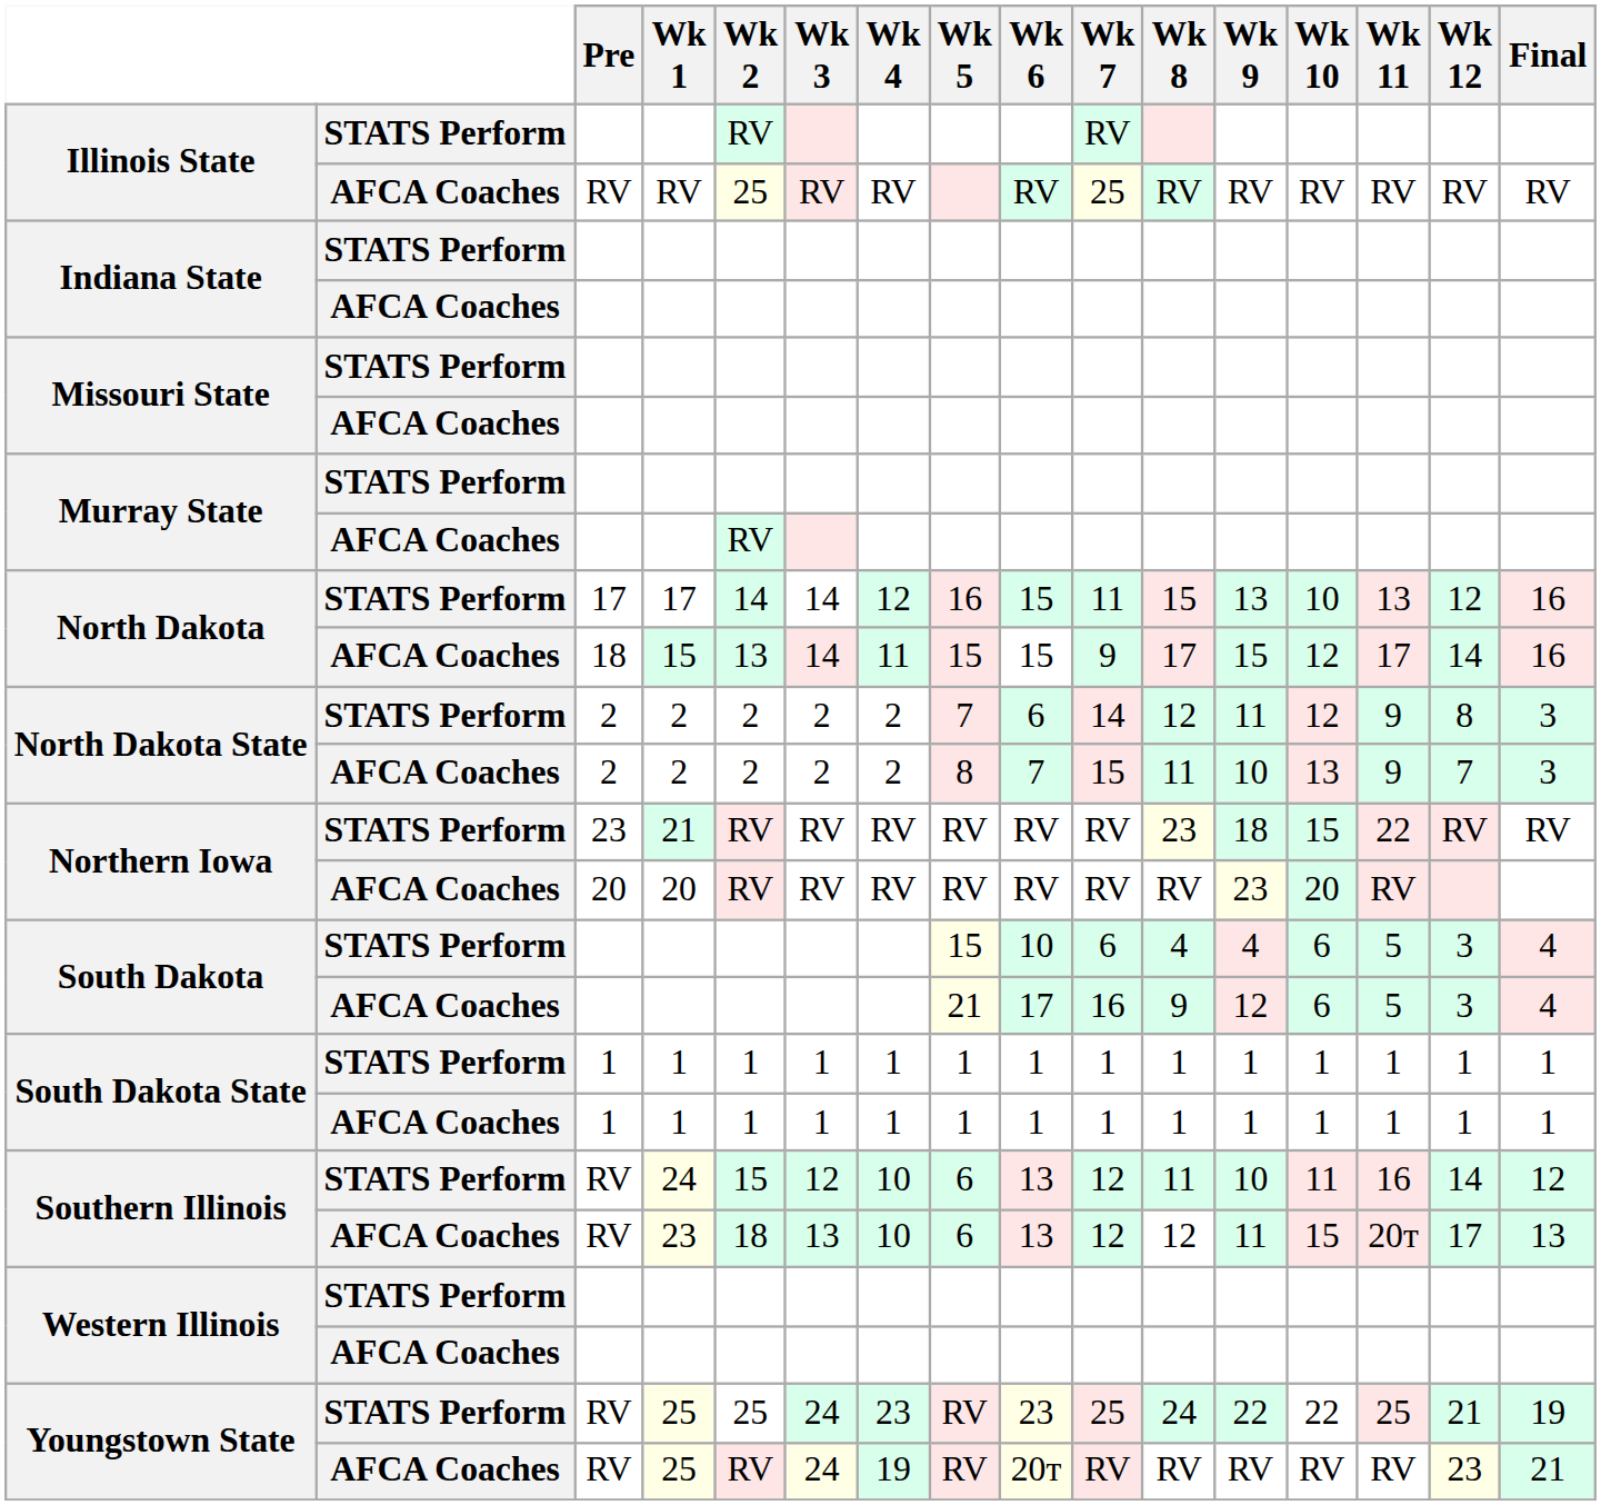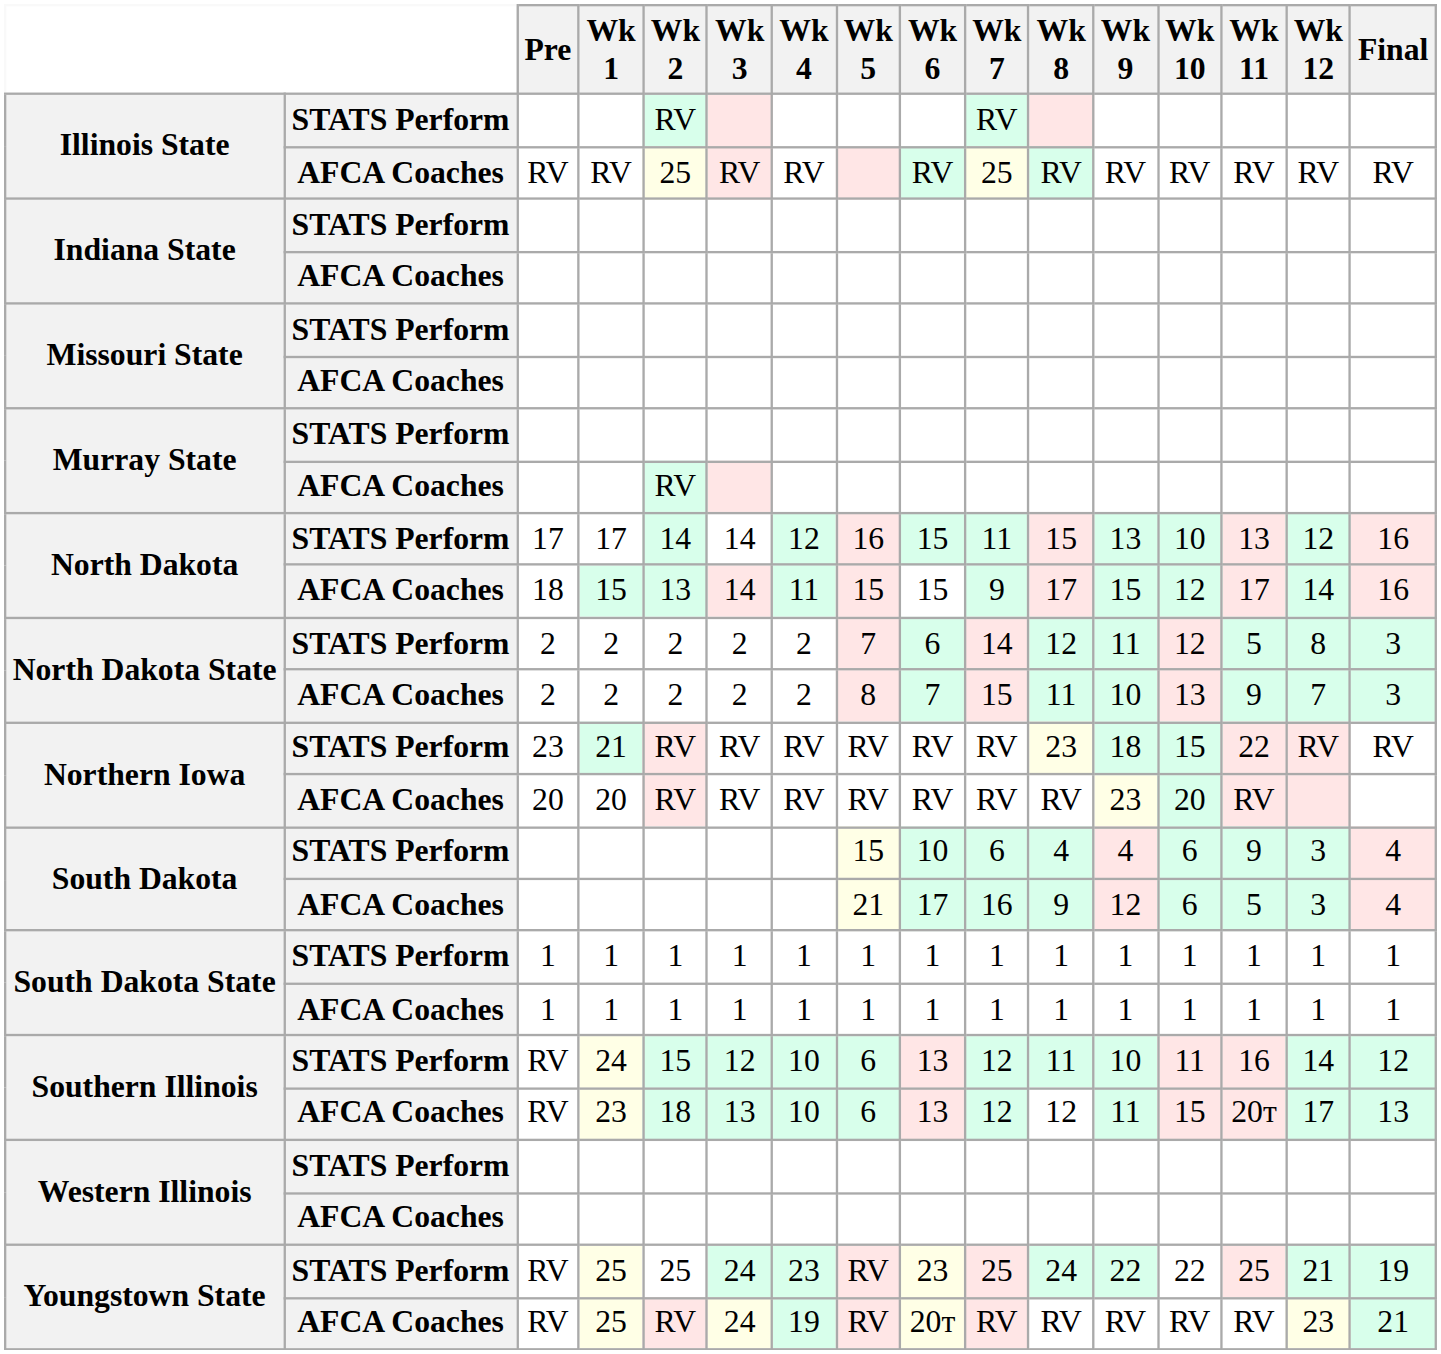 <table class="wikitable" style="white-space:nowrap;font-size:85%;">
 <tr>
 <th colspan=2 style="background:white; border-top-style:hidden; border-left-style:hidden;"> </th>
 <th>Pre</th>
 <th>Wk<br>1</th>
 <th>Wk<br>2</th>
 <th>Wk<br>3</th>
 <th>Wk<br>4</th>
 <th>Wk<br>5</th>
 <th>Wk<br>6</th>
 <th>Wk<br>7</th>
 <th>Wk<br>8</th>
 <th>Wk<br>9</th>
 <th>Wk<br>10</th>
 <th>Wk<br>11</th>
 <th>Wk<br>12</th>
 <th>Final</th>
 </tr>
 <tr style="text-align:center;">
 <th rowspan="2">Illinois State</th>
 <th>STATS Perform</th>
 <td style="background:#FFF;"></td>
 <td style="background:#FFF;"></td>
 <td style="background:#d8ffeb;">RV</td>
 <td style="background:#ffe6e6;"></td>
 <td style="background:#FFF;"></td>
 <td style="background:#FFF;"></td>
 <td style="background:#FFF;"></td>
 <td style="background:#d8ffeb;">RV</td>
 <td style="background:#ffe6e6;"></td>
 <td style="background:#FFF;"></td>
 <td style="background:#FFF;"></td>
 <td style="background:#FFF;"></td>
 <td style="background:#FFF;"></td>
 <td style="background:#FFF;"></td>
 </tr>
 <tr style="text-align:center;">
 <th>AFCA Coaches</th>
 <td style="background:#FFF;">RV</td>
 <td style="background:#FFF;">RV</td>
 <td style="background:#ffffe6;">25</td>
 <td style="background:#ffe6e6;">RV</td>
 <td style="background:#FFF;">RV</td>
 <td style="background:#ffe6e6;"></td>
 <td style="background:#d8ffeb;">RV</td>
 <td style="background:#ffffe6;">25</td>
 <td style="background:#d8ffeb;">RV</td>
 <td style="background:#FFF;">RV</td>
 <td style="background:#FFF;">RV</td>
 <td style="background:#FFF;">RV</td>
 <td style="background:#FFF;">RV</td>
 <td style="background:#FFF;">RV</td>
 </tr>
 <tr style="text-align:center;">
 <th rowspan="2">Indiana State</th>
 <th>STATS Perform</th>
 <td style="background:#FFF;"></td>
 <td style="background:#FFF;"></td>
 <td style="background:#FFF;"></td>
 <td style="background:#FFF;"></td>
 <td style="background:#FFF;"></td>
 <td style="background:#FFF;"></td>
 <td style="background:#FFF;"></td>
 <td style="background:#FFF;"></td>
 <td style="background:#FFF;"></td>
 <td style="background:#FFF;"></td>
 <td style="background:#FFF;"></td>
 <td style="background:#FFF;"></td>
 <td style="background:#FFF;"></td>
 <td style="background:#FFF;"></td>
 </tr>
 <tr style="text-align:center;">
 <th>AFCA Coaches</th>
 <td style="background:#FFF;"></td>
 <td style="background:#FFF;"></td>
 <td style="background:#FFF;"></td>
 <td style="background:#FFF;"></td>
 <td style="background:#FFF;"></td>
 <td style="background:#FFF;"></td>
 <td style="background:#FFF;"></td>
 <td style="background:#FFF;"></td>
 <td style="background:#FFF;"></td>
 <td style="background:#FFF;"></td>
 <td style="background:#FFF;"></td>
 <td style="background:#FFF;"></td>
 <td style="background:#FFF;"></td>
 <td style="background:#FFF;"></td>
 </tr>
 <tr style="text-align:center;">
 <th rowspan="2">Missouri State</th>
 <th>STATS Perform</th>
 <td style="background:#FFF;"></td>
 <td style="background:#FFF;"></td>
 <td style="background:#FFF;"></td>
 <td style="background:#FFF;"></td>
 <td style="background:#FFF;"></td>
 <td style="background:#FFF;"></td>
 <td style="background:#FFF;"></td>
 <td style="background:#FFF;"></td>
 <td style="background:#FFF;"></td>
 <td style="background:#FFF;"></td>
 <td style="background:#FFF;"></td>
 <td style="background:#FFF;"></td>
 <td style="background:#FFF;"></td>
 <td style="background:#FFF;"></td>
 </tr>
 <tr style="text-align:center;">
 <th>AFCA Coaches</th>
 <td style="background:#FFF;"></td>
 <td style="background:#FFF;"></td>
 <td style="background:#FFF;"></td>
 <td style="background:#FFF;"></td>
 <td style="background:#FFF;"></td>
 <td style="background:#FFF;"></td>
 <td style="background:#FFF;"></td>
 <td style="background:#FFF;"></td>
 <td style="background:#FFF;"></td>
 <td style="background:#FFF;"></td>
 <td style="background:#FFF;"></td>
 <td style="background:#FFF;"></td>
 <td style="background:#FFF;"></td>
 <td style="background:#FFF;"></td>
 </tr>
 <tr style="text-align:center;">
 <th rowspan="2">Murray State</th>
 <th>STATS Perform</th>
 <td style="background:#FFF;"></td>
 <td style="background:#FFF;"></td>
 <td style="background:#FFF;"></td>
 <td style="background:#FFF;"></td>
 <td style="background:#FFF;"></td>
 <td style="background:#FFF;"></td>
 <td style="background:#FFF;"></td>
 <td style="background:#FFF;"></td>
 <td style="background:#FFF;"></td>
 <td style="background:#FFF;"></td>
 <td style="background:#FFF;"></td>
 <td style="background:#FFF;"></td>
 <td style="background:#FFF;"></td>
 <td style="background:#FFF;"></td>
 </tr>
 <tr style="text-align:center;">
 <th>AFCA Coaches</th>
 <td style="background:#FFF;"></td>
 <td style="background:#FFF;"></td>
 <td style="background:#d8ffeb;">RV</td>
 <td style="background:#ffe6e6;"></td>
 <td style="background:#FFF;"></td>
 <td style="background:#FFF;"></td>
 <td style="background:#FFF;"></td>
 <td style="background:#FFF;"></td>
 <td style="background:#FFF;"></td>
 <td style="background:#FFF;"></td>
 <td style="background:#FFF;"></td>
 <td style="background:#FFF;"></td>
 <td style="background:#FFF;"></td>
 <td style="background:#FFF;"></td>
 </tr>
 <tr style="text-align:center;">
 <th rowspan="2">North Dakota</th>
 <th>STATS Perform</th>
 <td style="background:#FFF;">17</td>
 <td style="background:#FFF;">17</td>
 <td style="background:#d8ffeb;">14</td>
 <td style="background:#FFF;">14</td>
 <td style="background:#d8ffeb;">12</td>
 <td style="background:#ffe6e6;">16</td>
 <td style="background:#d8ffeb;">15</td>
 <td style="background:#d8ffeb;">11</td>
 <td style="background:#ffe6e6;">15</td>
 <td style="background:#d8ffeb;">13</td>
 <td style="background:#d8ffeb;">10</td>
 <td style="background:#ffe6e6;">13</td>
 <td style="background:#d8ffeb;">12</td>
 <td style="background:#ffe6e6;">16</td>
 </tr>
 <tr style="text-align:center;">
 <th>AFCA Coaches</th>
 <td style="background:#FFF;">18</td>
 <td style="background:#d8ffeb;">15</td>
 <td style="background:#d8ffeb;">13</td>
 <td style="background:#ffe6e6;">14</td>
 <td style="background:#d8ffeb;">11</td>
 <td style="background:#ffe6e6;">15</td>
 <td style="background:#FFF;">15</td>
 <td style="background:#d8ffeb;">9</td>
 <td style="background:#ffe6e6;">17</td>
 <td style="background:#d8ffeb;">15</td>
 <td style="background:#d8ffeb;">12</td>
 <td style="background:#ffe6e6;">17</td>
 <td style="background:#d8ffeb;">14</td>
 <td style="background:#ffe6e6;">16</td>
 </tr>
 <tr style="text-align:center;">
 <th rowspan="2">North Dakota State</th>
 <th>STATS Perform</th>
 <td style="background:#FFF;">2</td>
 <td style="background:#FFF;">2</td>
 <td style="background:#FFF;">2</td>
 <td style="background:#FFF;">2</td>
 <td style="background:#FFF;">2</td>
 <td style="background:#ffe6e6;">7</td>
 <td style="background:#d8ffeb;">6</td>
 <td style="background:#ffe6e6;">14</td>
 <td style="background:#d8ffeb;">12</td>
 <td style="background:#d8ffeb;">11</td>
 <td style="background:#ffe6e6;">12</td>
-<td style="background:#d8ffeb;">9</td>
+<td style="background:#d8ffeb;">5</td>
 <td style="background:#d8ffeb;">8</td>
 <td style="background:#d8ffeb;">3</td>
 </tr>
 <tr style="text-align:center;">
 <th>AFCA Coaches</th>
 <td style="background:#FFF;">2</td>
 <td style="background:#FFF;">2</td>
 <td style="background:#FFF;">2</td>
 <td style="background:#FFF;">2</td>
 <td style="background:#FFF;">2</td>
 <td style="background:#ffe6e6;">8</td>
 <td style="background:#d8ffeb;">7</td>
 <td style="background:#ffe6e6;">15</td>
 <td style="background:#d8ffeb;">11</td>
 <td style="background:#d8ffeb;">10</td>
 <td style="background:#ffe6e6;">13</td>
 <td style="background:#d8ffeb;">9</td>
 <td style="background:#d8ffeb;">7</td>
 <td style="background:#d8ffeb;">3</td>
 </tr>
 <tr style="text-align:center;">
 <th rowspan="2">Northern Iowa</th>
 <th>STATS Perform</th>
 <td style="background:#FFF;">23</td>
 <td style="background:#d8ffeb;">21</td>
 <td style="background:#ffe6e6;">RV</td>
 <td style="background:#FFF;">RV</td>
 <td style="background:#FFF;">RV</td>
 <td style="background:#FFF;">RV</td>
 <td style="background:#FFF;">RV</td>
 <td style="background:#FFF;">RV</td>
 <td style="background:#ffffe6;">23</td>
 <td style="background:#d8ffeb;">18</td>
 <td style="background:#d8ffeb;">15</td>
 <td style="background:#ffe6e6;">22</td>
 <td style="background:#ffe6e6;">RV</td>
 <td style="background:#FFF;">RV</td>
 </tr>
 <tr style="text-align:center;">
 <th>AFCA Coaches</th>
 <td style="background:#FFF;">20</td>
 <td style="background:#FFF;">20</td>
 <td style="background:#ffe6e6;">RV</td>
 <td style="background:#FFF;">RV</td>
 <td style="background:#FFF;">RV</td>
 <td style="background:#FFF;">RV</td>
 <td style="background:#FFF;">RV</td>
 <td style="background:#FFF;">RV</td>
 <td style="background:#FFF;">RV</td>
 <td style="background:#ffffe6;">23</td>
 <td style="background:#d8ffeb;">20</td>
 <td style="background:#ffe6e6;">RV</td>
 <td style="background:#ffe6e6;"></td>
 <td style="background:#FFF;"></td>
 </tr>
 <tr style="text-align:center;">
 <th rowspan="2">South Dakota</th>
 <th>STATS Perform</th>
 <td style="background:#FFF;"></td>
 <td style="background:#FFF;"></td>
 <td style="background:#FFF;"></td>
 <td style="background:#FFF;"></td>
 <td style="background:#FFF;"></td>
 <td style="background:#ffffe6;">15</td>
 <td style="background:#d8ffeb;">10</td>
 <td style="background:#d8ffeb;">6</td>
 <td style="background:#d8ffeb;">4</td>
 <td style="background:#ffe6e6;">4</td>
 <td style="background:#d8ffeb;">6</td>
-<td style="background:#d8ffeb;">5</td>
+<td style="background:#d8ffeb;">9</td>
 <td style="background:#d8ffeb;">3</td>
 <td style="background:#ffe6e6;">4</td>
 </tr>
 <tr style="text-align:center;">
 <th>AFCA Coaches</th>
 <td style="background:#FFF;"></td>
 <td style="background:#FFF;"></td>
 <td style="background:#FFF;"></td>
 <td style="background:#FFF;"></td>
 <td style="background:#FFF;"></td>
 <td style="background:#ffffe6;">21</td>
 <td style="background:#d8ffeb;">17</td>
 <td style="background:#d8ffeb;">16</td>
 <td style="background:#d8ffeb;">9</td>
 <td style="background:#ffe6e6;">12</td>
 <td style="background:#d8ffeb;">6</td>
 <td style="background:#d8ffeb;">5</td>
 <td style="background:#d8ffeb;">3</td>
 <td style="background:#ffe6e6;">4</td>
 </tr>
 <tr style="text-align:center;">
 <th rowspan="2">South Dakota State</th>
 <th>STATS Perform</th>
 <td style="background:#FFF;">1</td>
 <td style="background:#FFF;">1</td>
 <td style="background:#FFF;">1</td>
 <td style="background:#FFF;">1</td>
 <td style="background:#FFF;">1</td>
 <td style="background:#FFF;">1</td>
 <td style="background:#FFF;">1</td>
 <td style="background:#FFF;">1</td>
 <td style="background:#FFF;">1</td>
 <td style="background:#FFF;">1</td>
 <td style="background:#FFF;">1</td>
 <td style="background:#FFF;">1</td>
 <td style="background:#FFF;">1</td>
 <td style="background:#FFF;">1</td>
 </tr>
 <tr style="text-align:center;">
 <th>AFCA Coaches</th>
 <td style="background:#FFF;">1</td>
 <td style="background:#FFF;">1</td>
 <td style="background:#FFF;">1</td>
 <td style="background:#FFF;">1</td>
 <td style="background:#FFF;">1</td>
 <td style="background:#FFF;">1</td>
 <td style="background:#FFF;">1</td>
 <td style="background:#FFF;">1</td>
 <td style="background:#FFF;">1</td>
 <td style="background:#FFF;">1</td>
 <td style="background:#FFF;">1</td>
 <td style="background:#FFF;">1</td>
 <td style="background:#FFF;">1</td>
 <td style="background:#FFF;">1</td>
 </tr>
 <tr style="text-align:center;">
 <th rowspan="2">Southern Illinois</th>
 <th>STATS Perform</th>
 <td style="background:#FFF;">RV</td>
 <td style="background:#ffffe6;">24</td>
 <td style="background:#d8ffeb;">15</td>
 <td style="background:#d8ffeb;">12</td>
 <td style="background:#d8ffeb;">10</td>
 <td style="background:#d8ffeb;">6</td>
 <td style="background:#ffe6e6;">13</td>
 <td style="background:#d8ffeb;">12</td>
 <td style="background:#d8ffeb;">11</td>
 <td style="background:#d8ffeb;">10</td>
 <td style="background:#ffe6e6;">11</td>
 <td style="background:#ffe6e6;">16</td>
 <td style="background:#d8ffeb;">14</td>
 <td style="background:#d8ffeb;">12</td>
 </tr>
 <tr style="text-align:center;">
 <th>AFCA Coaches</th>
 <td style="background:#FFF;">RV</td>
 <td style="background:#ffffe6;">23</td>
 <td style="background:#d8ffeb;">18</td>
 <td style="background:#d8ffeb;">13</td>
 <td style="background:#d8ffeb;">10</td>
 <td style="background:#d8ffeb;">6</td>
 <td style="background:#ffe6e6;">13</td>
 <td style="background:#d8ffeb;">12</td>
 <td style="background:#FFF;">12</td>
 <td style="background:#d8ffeb;">11</td>
 <td style="background:#ffe6e6;">15</td>
 <td style="background:#ffe6e6;">20т</td>
 <td style="background:#d8ffeb;">17</td>
 <td style="background:#d8ffeb;">13</td>
 </tr>
 <tr style="text-align:center;">
 <th rowspan="2">Western Illinois</th>
 <th>STATS Perform</th>
 <td style="background:#FFF;"></td>
 <td style="background:#FFF;"></td>
 <td style="background:#FFF;"></td>
 <td style="background:#FFF;"></td>
 <td style="background:#FFF;"></td>
 <td style="background:#FFF;"></td>
 <td style="background:#FFF;"></td>
 <td style="background:#FFF;"></td>
 <td style="background:#FFF;"></td>
 <td style="background:#FFF;"></td>
 <td style="background:#FFF;"></td>
 <td style="background:#FFF;"></td>
 <td style="background:#FFF;"></td>
 <td style="background:#FFF;"></td>
 </tr>
 <tr style="text-align:center;">
 <th>AFCA Coaches</th>
 <td style="background:#FFF;"></td>
 <td style="background:#FFF;"></td>
 <td style="background:#FFF;"></td>
 <td style="background:#FFF;"></td>
 <td style="background:#FFF;"></td>
 <td style="background:#FFF;"></td>
 <td style="background:#FFF;"></td>
 <td style="background:#FFF;"></td>
 <td style="background:#FFF;"></td>
 <td style="background:#FFF;"></td>
 <td style="background:#FFF;"></td>
 <td style="background:#FFF;"></td>
 <td style="background:#FFF;"></td>
 <td style="background:#FFF;"></td>
 </tr>
 <tr style="text-align:center;">
 <th rowspan="2">Youngstown State</th>
 <th>STATS Perform</th>
 <td style="background:#FFF;">RV</td>
 <td style="background:#ffffe6;">25</td>
 <td style="background:#FFF;">25</td>
 <td style="background:#d8ffeb;">24</td>
 <td style="background:#d8ffeb;">23</td>
 <td style="background:#ffe6e6;">RV</td>
 <td style="background:#ffffe6;">23</td>
 <td style="background:#ffe6e6;">25</td>
 <td style="background:#d8ffeb;">24</td>
 <td style="background:#d8ffeb;">22</td>
 <td style="background:#FFF;">22</td>
 <td style="background:#ffe6e6;">25</td>
 <td style="background:#d8ffeb;">21</td>
 <td style="background:#d8ffeb;">19</td>
 </tr>
 <tr style="text-align:center;">
 <th>AFCA Coaches</th>
 <td style="background:#FFF;">RV</td>
 <td style="background:#ffffe6;">25</td>
 <td style="background:#ffe6e6;">RV</td>
 <td style="background:#ffffe6;">24</td>
 <td style="background:#d8ffeb;">19</td>
 <td style="background:#ffe6e6;">RV</td>
 <td style="background:#ffffe6;">20т</td>
 <td style="background:#ffe6e6;">RV</td>
 <td style="background:#FFF;">RV</td>
 <td style="background:#FFF;">RV</td>
 <td style="background:#FFF;">RV</td>
 <td style="background:#FFF;">RV</td>
 <td style="background:#ffffe6;">23</td>
 <td style="background:#d8ffeb;">21</td>
 </tr>
 <tr style="text-align:center;">
 </tr>
 </table>
